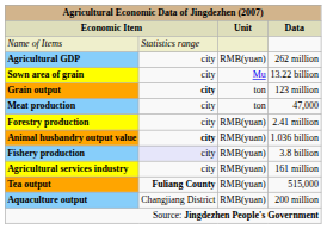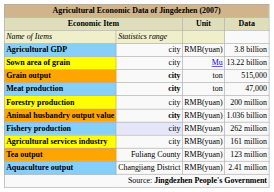 <table class="wikitable"  style="float:left; text-align:right; font-size:80%; margin:1em;">
 <tr>
 <td colspan="5"  style="background:tan; text-align:center;"><strong>Agricultural Economic Data of Jingdezhen (2007)</strong></td>
 </tr>
 <tr style="text-align:center; background:#dedebb;">
 <td colspan="2"><strong>Economic Item</strong></td>
 <td><strong>Unit</strong></td>
 <td colspan="2"><strong>Data</strong></td>
 </tr>
 <tr style="background:#efefcc;">
 <td style="text-align:left;"><em>Name of Items</em></td>
 <td align="left"><em>Statistics range</em></td>
 <td></td>
 </tr>
 <tr>
 <td style="background:lightskyblue; text-align:left;"><strong>Agricultural GDP</strong></td>
 <td>city</td>
 <td>RMB(yuan)</td>
-<td>262 million</td>
+<td>3.8 billion</td>
 </tr>
 <tr>
 <td style="background:yellow; text-align:left;"><strong>Sown area of grain </strong></td>
 <td>city</td>
 <td><a href='#'>Mu</a></td>
 <td>13.22 billion</td>
 </tr>
 <tr>
 <td style="background:orange; text-align:left;"><strong>Grain output</strong></td>
 <td><strong>city</strong></td>
 <td>ton</td>
-<td>123 million</td>
+<td>515,000</td>
 </tr>
 <tr>
 <td style="background:lightskyblue; text-align:left;"><strong>Meat production</strong></td>
-<td>city</td>
+<td><strong>city</strong></td>
 <td>ton</td>
 <td>47,000</td>
 </tr>
 <tr>
 <td style="background:yellow; text-align:left;"><strong>Forestry production</strong></td>
 <td>city</td>
 <td>RMB(yuan)</td>
-<td>2.41 million</td>
+<td>200 million</td>
 </tr>
 <tr>
 <td style="background:orange; text-align:left;"><strong>Animal husbandry output value</strong></td>
 <td><strong>city</strong></td>
 <td>RMB(yuan)</td>
 <td>1.036 billion</td>
 </tr>
 <tr>
 <td style="background:lightskyblue; text-align:left;"><strong>Fishery production</strong></td>
 <td style="background: lavender;">city</td>
 <td>RMB(yuan)</td>
-<td>3.8 billion</td>
+<td>262 million</td>
 </tr>
 <tr>
 <td style="background:yellow; text-align:left;"><strong>Agricultural services industry</strong></td>
 <td>city</td>
 <td>RMB(yuan)</td>
 <td>161 million</td>
 </tr>
 <tr>
 <td style="background:orange; text-align:left;"><strong>Tea output</strong></td>
-<td><strong>Fuliang County</strong></td>
+<td>Fuliang County</td>
 <td>RMB(yuan)</td>
-<td>515,000</td>
+<td>123 million</td>
 </tr>
 <tr>
 <td style="background:lightskyblue; text-align:left;"><strong>Aquaculture output</strong></td>
 <td>Changjiang District</td>
 <td>RMB(yuan)</td>
-<td>200 million</td>
+<td>2.41 million</td>
 </tr>
 <tr>
 <td colspan="5">Source: <strong>Jingdezhen People's Government</strong></td>
 </tr>
 </table>
